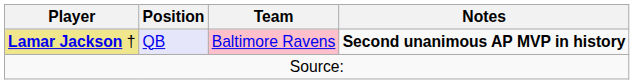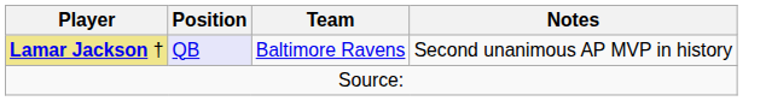 <table class="wikitable sortable">
 <tr>
 <th>Player</th>
 <th>Position</th>
 <th>Team</th>
 <th>Notes</th>
 </tr>
 <tr>
 <td style="background-color:Khaki; border:1px solid #aaaaaa"><strong><a href='#'>Lamar Jackson</a></strong> †</td>
 <td style="background: lavender;"><a href='#'>QB</a></td>
-<td style="background: pink;"><a href='#'>Baltimore Ravens</a></td>
-<td><strong>Second unanimous AP MVP in history</strong></td>
+<td><a href='#'>Baltimore Ravens</a></td>
+<td>Second unanimous AP MVP in history</td>
 </tr>
 <tr>
 <td colspan="4" style="text-align:center;">Source:</td>
 </tr>
 </table>
